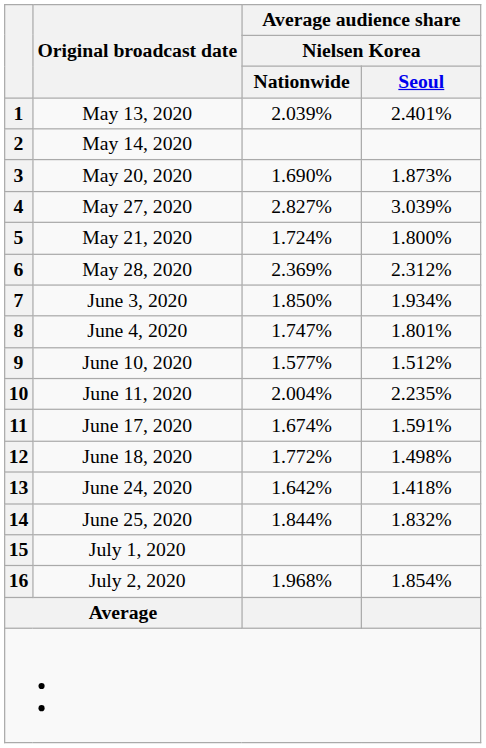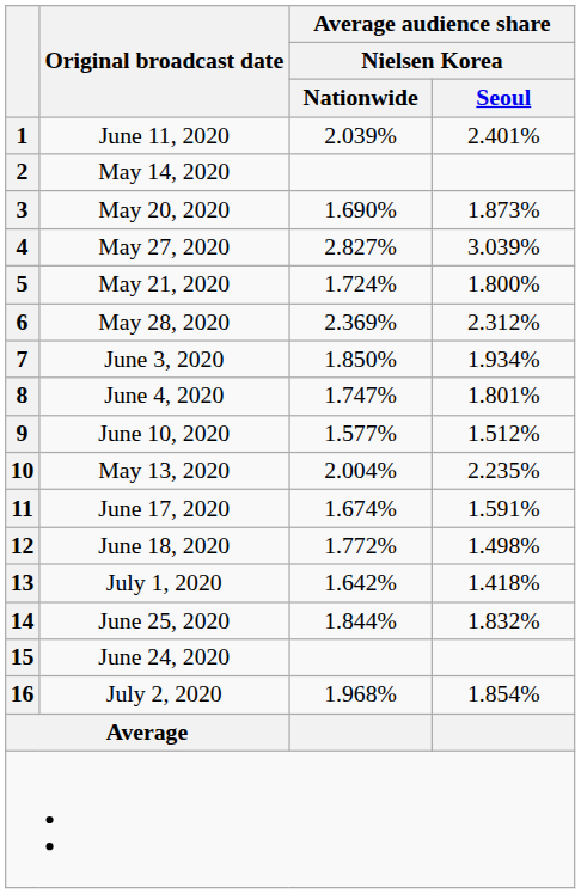 <table class="wikitable" style="text-align:center;max-width:450px; margin-left: auto; margin-right: auto; border: none;">
 <tr>
 </tr>
 <tr>
 <th rowspan="3"></th>
 <th rowspan="3">Original broadcast date</th>
 <th colspan="2">Average audience share</th>
 </tr>
 <tr>
 <th colspan="2">Nielsen Korea</th>
 </tr>
 <tr>
 <th width="90">Nationwide</th>
 <th width="90"><a href='#'>Seoul</a></th>
 </tr>
 <tr>
 <th>1</th>
-<td>May 13, 2020</td>
+<td>June 11, 2020</td>
 <td>2.039%</td>
 <td>2.401%</td>
 </tr>
 <tr>
 <th>2</th>
 <td>May 14, 2020</td>
 <td></td>
 <td></td>
 </tr>
 <tr>
 <th>3</th>
 <td>May 20, 2020</td>
 <td>1.690%</td>
 <td>1.873%</td>
 </tr>
 <tr>
 <th>4</th>
 <td>May 27, 2020</td>
 <td>2.827%</td>
 <td>3.039%</td>
 </tr>
 <tr>
 <th>5</th>
 <td>May 21, 2020</td>
 <td>1.724%</td>
 <td>1.800%</td>
 </tr>
 <tr>
 <th>6</th>
 <td>May 28, 2020</td>
 <td>2.369%</td>
 <td>2.312%</td>
 </tr>
 <tr>
 <th>7</th>
 <td>June 3, 2020</td>
 <td>1.850%</td>
 <td>1.934%</td>
 </tr>
 <tr>
 <th>8</th>
 <td>June 4, 2020</td>
 <td>1.747%</td>
 <td>1.801%</td>
 </tr>
 <tr>
 <th>9</th>
 <td>June 10, 2020</td>
 <td>1.577%</td>
 <td>1.512%</td>
 </tr>
 <tr>
 <th>10</th>
-<td>June 11, 2020</td>
+<td>May 13, 2020</td>
 <td>2.004%</td>
 <td>2.235%</td>
 </tr>
 <tr>
 <th>11</th>
 <td>June 17, 2020</td>
 <td>1.674%</td>
 <td>1.591%</td>
 </tr>
 <tr>
 <th>12</th>
 <td>June 18, 2020</td>
 <td>1.772%</td>
 <td>1.498%</td>
 </tr>
 <tr>
 <th>13</th>
-<td>June 24, 2020</td>
+<td>July 1, 2020</td>
 <td>1.642%</td>
 <td>1.418%</td>
 </tr>
 <tr>
 <th>14</th>
 <td>June 25, 2020</td>
 <td>1.844%</td>
 <td>1.832%</td>
 </tr>
 <tr>
 <th>15</th>
-<td>July 1, 2020</td>
+<td>June 24, 2020</td>
 <td></td>
 <td></td>
 </tr>
 <tr>
 <th>16</th>
 <td>July 2, 2020</td>
 <td>1.968%</td>
 <td>1.854%</td>
 </tr>
 <tr>
 <th colspan="2">Average</th>
 <th></th>
 <th></th>
 </tr>
 <tr>
 <td colspan="6"><br><ul><li></li><li></li></ul></td>
 </tr>
 </table>
